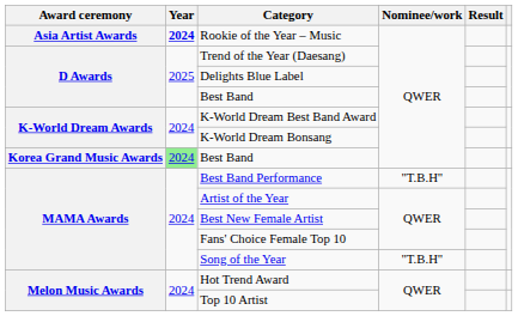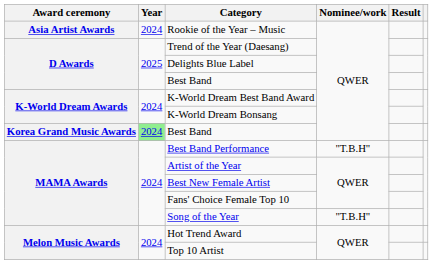 <table class="wikitable plainrowheaders sortable" style="text-align:center">
 <tr>
 <th scope="col">Award ceremony</th>
 <th scope="col">Year</th>
 <th scope="col">Category</th>
 <th scope="col">Nominee/work</th>
 <th scope="col">Result</th>
 <th scope="col" class="unsortable"></th>
 </tr>
 <tr>
 <th scope="row"><a href='#'>Asia Artist Awards</a></th>
-<td><strong><a href='#'>2024</a></strong></td>
+<td><a href='#'>2024</a></td>
 <td style="text-align:left">Rookie of the Year – Music</td>
 <td rowspan="7">QWER</td>
 <td></td>
 <td></td>
 </tr>
 <tr>
 <th scope="row" rowspan="3"><a href='#'>D Awards</a></th>
 <td rowspan="3"><a href='#'>2025</a></td>
 <td style="text-align:left">Trend of the Year (Daesang)</td>
 <td></td>
 <td rowspan="3"></td>
 </tr>
 <tr>
 <td style="text-align:left">Delights Blue Label</td>
 <td></td>
 </tr>
 <tr>
 <td style="text-align:left">Best Band</td>
 <td></td>
 </tr>
 <tr>
 <th scope="row" rowspan="2"><a href='#'>K-World Dream Awards</a></th>
 <td rowspan="2"><a href='#'>2024</a></td>
 <td style="text-align:left">K-World Dream Best Band Award</td>
 <td></td>
 <td rowspan="2"></td>
 </tr>
 <tr>
 <td style="text-align:left">K-World Dream Bonsang</td>
 <td></td>
 </tr>
 <tr>
 <th scope="row"><a href='#'>Korea Grand Music Awards</a></th>
 <td style="background: lightgreen;"><a href='#'>2024</a></td>
 <td style="text-align:left">Best Band</td>
 <td></td>
 <td></td>
 </tr>
 <tr>
 <th scope="row" rowspan="5"><a href='#'>MAMA Awards</a></th>
 <td rowspan="5"><a href='#'>2024</a></td>
 <td style="text-align:left"><a href='#'>Best Band Performance</a></td>
 <td>"T.B.H"</td>
 <td></td>
 <td rowspan="5"></td>
 </tr>
 <tr>
 <td style="text-align:left"><a href='#'>Artist of the Year</a></td>
 <td rowspan="3">QWER</td>
 <td></td>
 </tr>
 <tr>
 <td style="text-align:left"><a href='#'>Best New Female Artist</a></td>
 <td></td>
 </tr>
 <tr>
 <td style="text-align:left">Fans' Choice Female Top 10</td>
 <td></td>
 </tr>
 <tr>
 <td style="text-align:left"><a href='#'>Song of the Year</a></td>
 <td>"T.B.H"</td>
 <td></td>
 </tr>
 <tr>
 <th scope="row" rowspan="2"><a href='#'>Melon Music Awards</a></th>
 <td rowspan="2"><a href='#'>2024</a></td>
 <td style="text-align:left">Hot Trend Award</td>
 <td rowspan="2">QWER</td>
 <td></td>
 <td></td>
 </tr>
 <tr>
 <td style="text-align:left">Top 10 Artist</td>
 <td></td>
 <td></td>
 </tr>
 </table>
